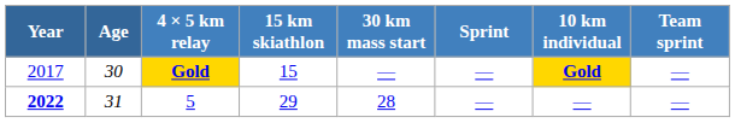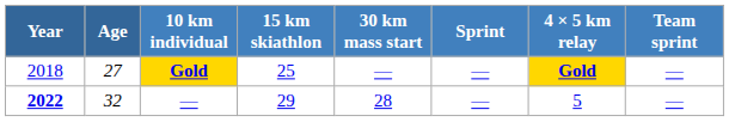 <table class="wikitable" style="font-size:95%; text-align:center; border:grey solid 1px; border-collapse:collapse; background:#ffffff;">
 <tr>
 <th style="background-color:#369; color:white; width:60px;"> Year </th>
 <th style="background-color:#369; color:white; width:40px;"> Age </th>
-<th style="background-color:#4180be; color:white; width:75px;"> 4 × 5 km <br> relay </th>
+<th style="background-color:#4180be; color:white; width:75px;"> 10 km <br> individual </th>
 <th style="background-color:#4180be; color:white; width:75px;"> 15 km <br> skiathlon </th>
 <th style="background-color:#4180be; color:white; width:75px;"> 30 km <br> mass start </th>
 <th style="background-color:#4180be; color:white; width:75px;"> Sprint </th>
-<th style="background-color:#4180be; color:white; width:75px;"> 10 km <br> individual </th>
+<th style="background-color:#4180be; color:white; width:75px;"> 4 × 5 km <br> relay </th>
 <th style="background-color:#4180be; color:white; width:75px;"> Team <br> sprint </th>
 </tr>
 <tr>
-<td><a href='#'>2017</a></td>
-<td><em>30</em></td>
+<td><a href='#'>2018</a></td>
+<td><em>27</em></td>
 <td style="background:gold;"><a href='#'><strong>Gold</strong></a></td>
-<td><a href='#'>15</a></td>
+<td><a href='#'>25</a></td>
 <td><a href='#'>—</a></td>
 <td><a href='#'>—</a></td>
 <td style="background:gold;"><a href='#'><strong>Gold</strong></a></td>
 <td><a href='#'>—</a></td>
 </tr>
 <tr>
 <td><strong><a href='#'>2022</a></strong></td>
-<td><em>31</em></td>
-<td><a href='#'>5</a></td>
+<td><em>32</em></td>
+<td><a href='#'>—</a></td>
 <td><a href='#'>29</a></td>
 <td><a href='#'>28</a></td>
 <td><a href='#'>—</a></td>
-<td><a href='#'>—</a></td>
+<td><a href='#'>5</a></td>
 <td><a href='#'>—</a></td>
 </tr>
 </table>
